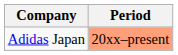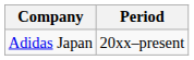 <table class="wikitable">
 <tr>
 <th>Company</th>
 <th>Period</th>
 </tr>
 <tr>
 <td><a href='#'>Adidas</a> Japan</td>
-<td style="background: lightsalmon;">20xx–present</td>
+<td>20xx–present</td>
 </tr>
 </table>
